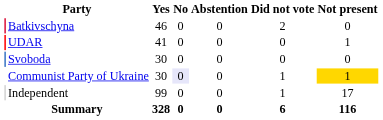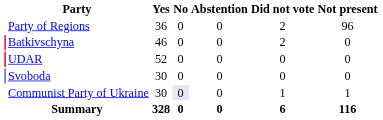 <table align="center" class="standart">
 <tr>
 <th colspan=2>Party</th>
 <th>Yes</th>
 <th>No</th>
 <th>Abstention</th>
 <th>Did not vote</th>
 <th>Not present</th>
+</tr>
+<tr>
+<td style="background-color:"></td>
+<td><a href='#'>Party of Regions</a></td>
+<td align="center">36</td>
+<td align="center">0</td>
+<td align="center">0</td>
+<td align="center">2</td>
+<td align="center">96</td>
 </tr>
 <tr>
 <td style="background-color:Crimson"></td>
 <td><a href='#'>Batkivschyna</a></td>
 <td align="center">46</td>
 <td align="center">0</td>
 <td align="center">0</td>
 <td align="center">2</td>
 <td align="center">0</td>
 </tr>
 <tr>
 <td style="background-color:red"></td>
 <td><a href='#'>UDAR</a></td>
-<td align="center">41</td>
+<td align="center">52</td>
 <td align="center">0</td>
 <td align="center">0</td>
 <td align="center">0</td>
-<td align="center">1</td>
+<td align="center">0</td>
 </tr>
 <tr>
 <td style="background-color:#3A75C4"></td>
 <td><a href='#'>Svoboda</a></td>
 <td align="center">30</td>
 <td align="center">0</td>
 <td align="center">0</td>
 <td align="center">0</td>
 <td align="center">0</td>
 </tr>
 <tr>
 <td style="background-color:"></td>
 <td><a href='#'>Communist Party of Ukraine</a></td>
 <td align="center">30</td>
 <td align="center" style="background: lavender;">0</td>
 <td align="center">0</td>
 <td align="center">1</td>
-<td align="center" style="background: gold;">1</td>
-</tr>
-<tr>
-<td style="background-color: lightgrey"></td>
-<td>Independent</td>
-<td align="center">99</td>
-<td align="center">0</td>
-<td align="center">0</td>
 <td align="center">1</td>
-<td align="center">17</td>
 </tr>
 <tr>
 <th colspan=2>Summary</th>
 <th>328</th>
 <th>0</th>
 <th>0</th>
 <th>6</th>
 <th>116</th>
 </tr>
 </table>
